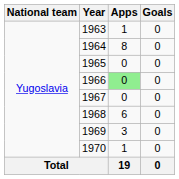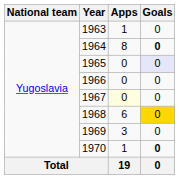 <table class="wikitable" style="text-align:center">
 <tr>
 <th>National team</th>
 <th>Year</th>
 <th>Apps</th>
 <th>Goals</th>
 </tr>
 <tr>
 <td rowspan="8"><a href='#'>Yugoslavia</a></td>
 <td>1963</td>
 <td>1</td>
 <td>0</td>
 </tr>
 <tr>
 <td>1964</td>
 <td>8</td>
-<td>0</td>
+<td><strong>0</strong></td>
 </tr>
 <tr>
 <td>1965</td>
 <td>0</td>
-<td>0</td>
+<td style="background: lavender;">0</td>
 </tr>
 <tr>
 <td>1966</td>
-<td style="background: lightgreen;">0</td>
+<td>0</td>
 <td>0</td>
 </tr>
 <tr>
 <td>1967</td>
-<td>0</td>
+<td style="background: lightyellow;">0</td>
 <td>0</td>
 </tr>
 <tr>
 <td>1968</td>
 <td>6</td>
-<td>0</td>
+<td style="background: gold;">0</td>
 </tr>
 <tr>
 <td>1969</td>
 <td>3</td>
 <td>0</td>
 </tr>
 <tr>
 <td>1970</td>
 <td>1</td>
-<td>0</td>
+<td><strong>0</strong></td>
 </tr>
 <tr>
 <th colspan="2">Total</th>
 <th>19</th>
 <th>0</th>
 </tr>
 </table>
